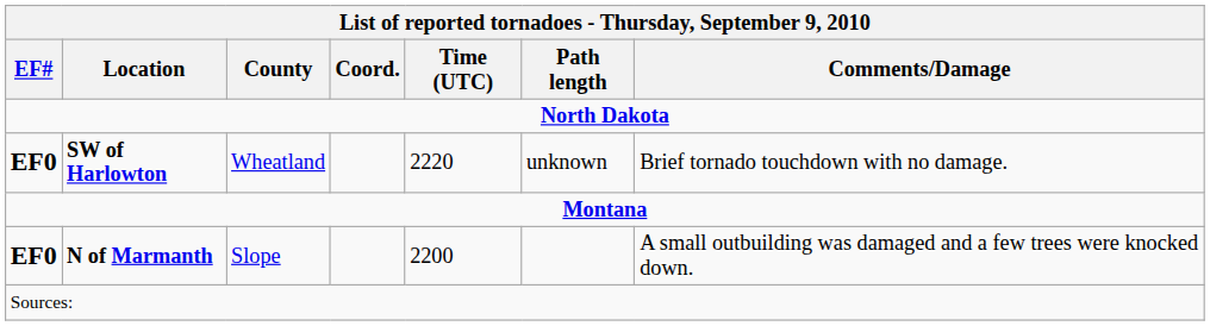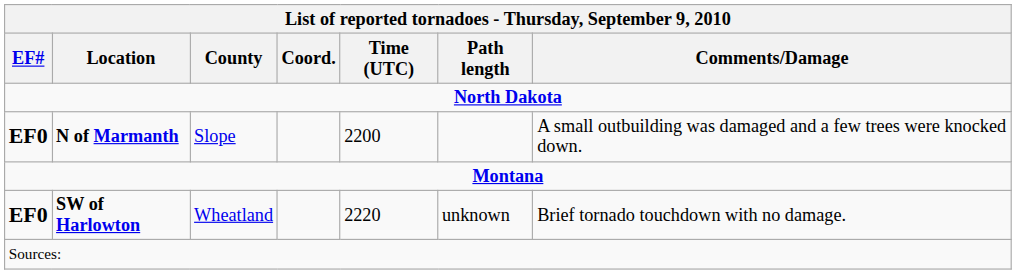 <table class="wikitable collapsible" width="100%">
 <tr>
 <th colspan="7">List of reported tornadoes - Thursday, September 9, 2010</th>
 </tr>
 <tr>
 <th><a href='#'>EF#</a></th>
 <th>Location</th>
 <th>County</th>
 <th>Coord.</th>
 <th>Time (UTC)</th>
 <th>Path length</th>
 <th>Comments/Damage</th>
 </tr>
 <tr>
 <td colspan="7" align=center><strong><a href='#'>North Dakota</a></strong></td>
 </tr>
 <tr>
 <td><big><strong>EF0</strong></big></td>
+<td><strong>N of <a href='#'>Marmanth</a></strong></td>
+<td><a href='#'>Slope</a></td>
+<td></td>
+<td>2200</td>
+<td></td>
+<td>A small outbuilding was damaged and a few trees were knocked down.</td>
+</tr>
+<tr>
+<td colspan="7" align=center><strong><a href='#'>Montana</a></strong></td>
+</tr>
+<tr>
+<td><big><strong>EF0</strong></big></td>
 <td><strong>SW of <a href='#'>Harlowton</a></strong></td>
 <td><a href='#'>Wheatland</a></td>
 <td></td>
 <td>2220</td>
 <td>unknown</td>
 <td>Brief tornado touchdown with no damage.</td>
 </tr>
 <tr>
-<td colspan="7" align=center><strong><a href='#'>Montana</a></strong></td>
-</tr>
-<tr>
-<td><big><strong>EF0</strong></big></td>
-<td><strong>N of <a href='#'>Marmanth</a></strong></td>
-<td><a href='#'>Slope</a></td>
-<td></td>
-<td>2200</td>
-<td></td>
-<td>A small outbuilding was damaged and a few trees were knocked down.</td>
-</tr>
-<tr>
 <td colspan="7"><small>Sources:<br></small></td>
 </tr>
 </table>
